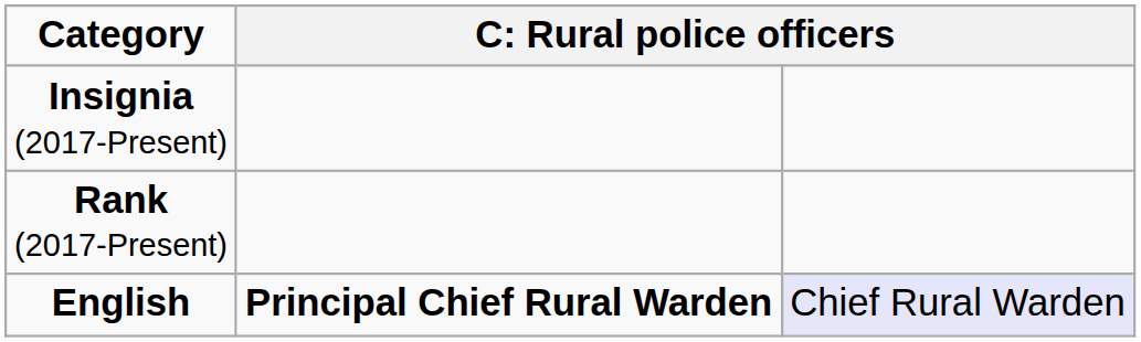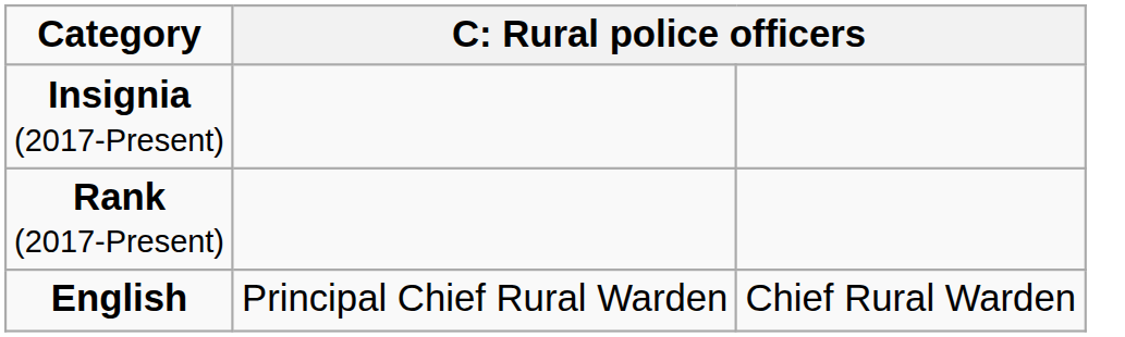 <table class="wikitable" style="text-align:center">
 <tr>
 <td><strong>Category</strong></td>
 <th colspan=6>C: Rural police officers </th>
 </tr>
 <tr>
 <td><strong>Insignia</strong><br><small>(2017-Present)</small></td>
 <td></td>
 <td></td>
 </tr>
 <tr>
 <td><strong>Rank</strong><br><small>(2017-Present)</small></td>
 <td></td>
 <td></td>
 </tr>
 <tr>
 <td><strong>English</strong></td>
-<td><strong>Principal Chief Rural Warden</strong></td>
-<td style="background: lavender;">Chief Rural Warden</td>
+<td>Principal Chief Rural Warden</td>
+<td>Chief Rural Warden</td>
 </tr>
 </table>
